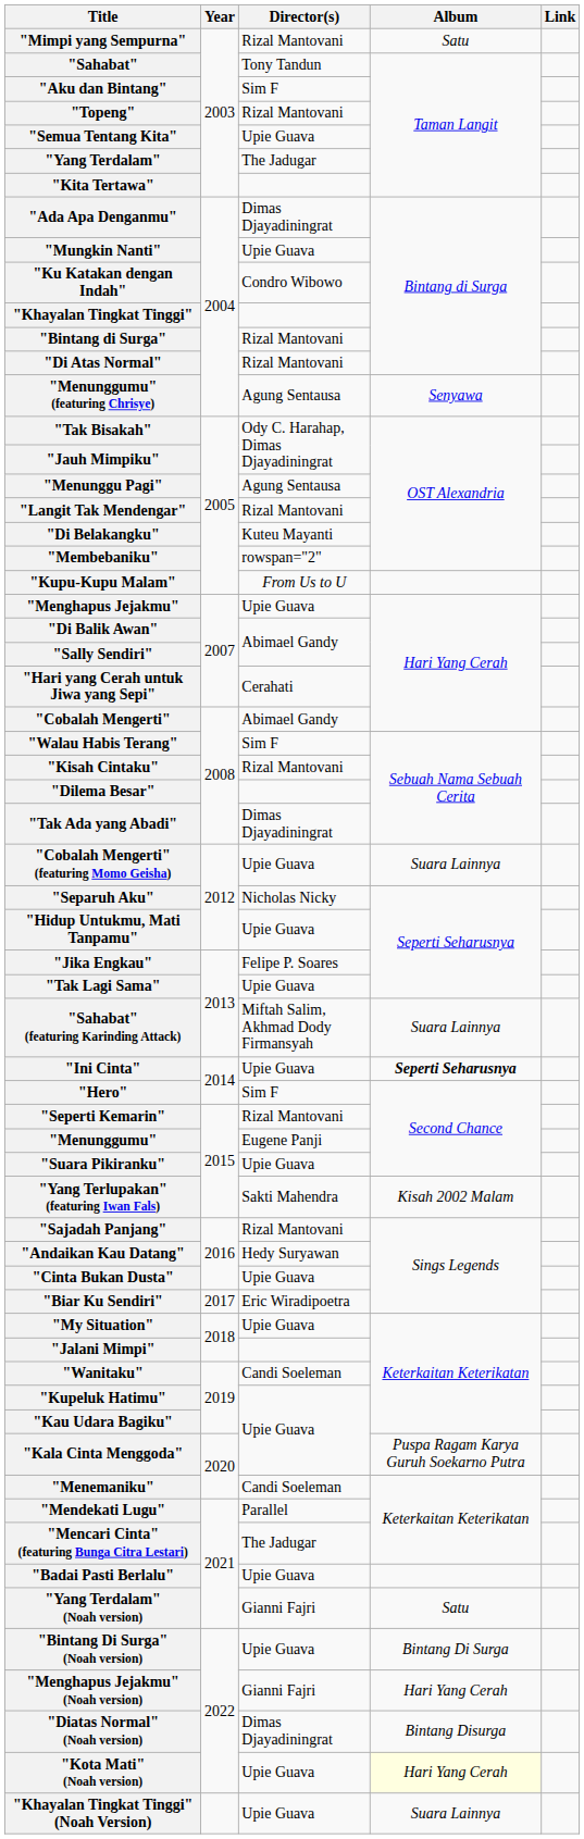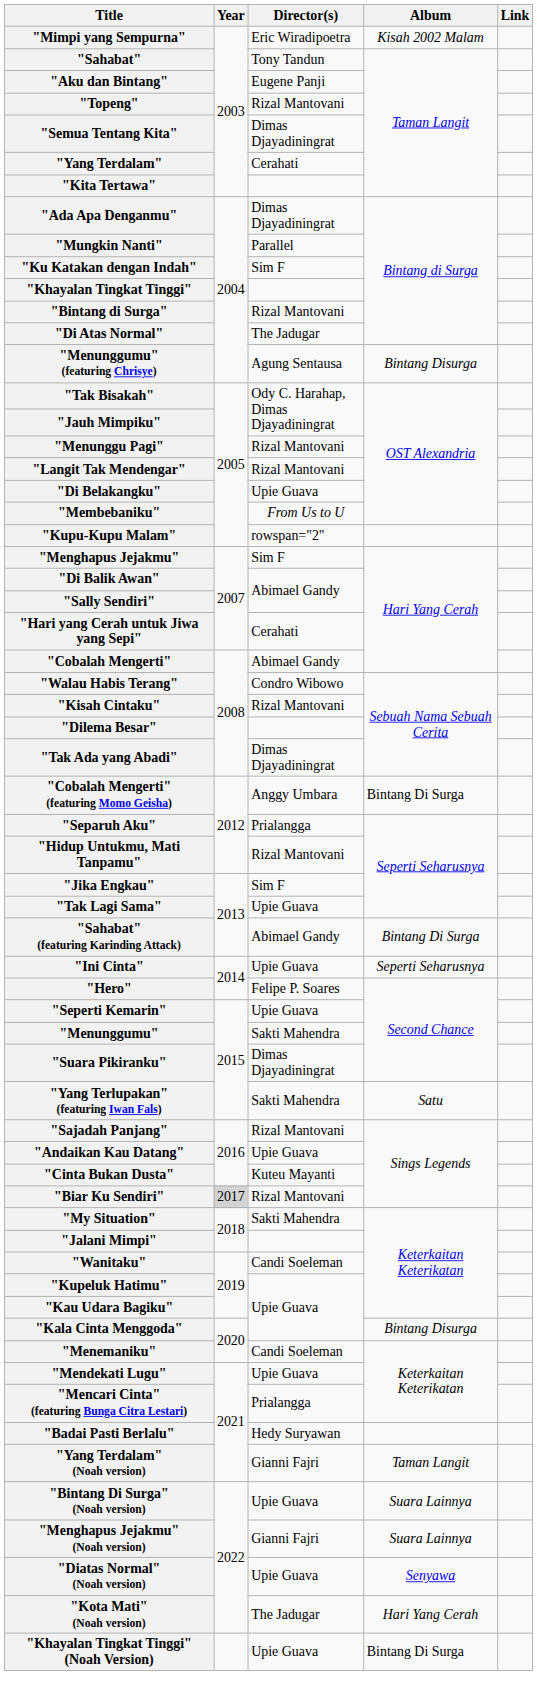 <table class="wikitable plainrowheaders">
 <tr>
 <th scope="col">Title</th>
 <th scope="col">Year</th>
 <th scope="col">Director(s)</th>
 <th scope="col">Album</th>
 <th scope="col">Link</th>
 </tr>
 <tr>
 <th scope="row">"Mimpi yang Sempurna"</th>
 <td rowspan="7">2003</td>
-<td>Rizal Mantovani</td>
-<td align="center"><em>Satu</em></td>
+<td>Eric Wiradipoetra</td>
+<td align="center"><em>Kisah 2002 Malam</em></td>
 <td></td>
 </tr>
 <tr>
 <th scope="row">"Sahabat"</th>
 <td>Tony Tandun</td>
 <td align="center" rowspan="6"><em><a href='#'>Taman Langit</a></em></td>
 <td></td>
 </tr>
 <tr>
 <th scope="row">"Aku dan Bintang"</th>
-<td>Sim F</td>
+<td>Eugene Panji</td>
 <td></td>
 </tr>
 <tr>
 <th scope="row">"Topeng"</th>
 <td>Rizal Mantovani</td>
 <td></td>
 </tr>
 <tr>
 <th scope="row">"Semua Tentang Kita"</th>
-<td>Upie Guava</td>
+<td>Dimas Djayadiningrat</td>
 <td></td>
 </tr>
 <tr>
 <th scope="row">"Yang Terdalam"</th>
-<td>The Jadugar</td>
+<td>Cerahati</td>
 <td></td>
 </tr>
 <tr>
 <th scope="row">"Kita Tertawa"</th>
 <td></td>
 <td></td>
 </tr>
 <tr>
 <th scope="row">"Ada Apa Denganmu"</th>
 <td rowspan="7">2004</td>
 <td>Dimas Djayadiningrat</td>
 <td rowspan="6" align="center"><em><a href='#'>Bintang di Surga</a></em></td>
 <td></td>
 </tr>
 <tr>
 <th scope="row">"Mungkin Nanti"</th>
-<td>Upie Guava</td>
+<td>Parallel</td>
 <td></td>
 </tr>
 <tr>
 <th scope="row">"Ku Katakan dengan Indah"</th>
-<td>Condro Wibowo</td>
+<td>Sim F</td>
 <td></td>
 </tr>
 <tr>
 <th scope="row">"Khayalan Tingkat Tinggi"</th>
 <td></td>
 <td></td>
 </tr>
 <tr>
 <th scope="row">"Bintang di Surga"</th>
 <td>Rizal Mantovani</td>
 <td></td>
 </tr>
 <tr>
 <th scope="row">"Di Atas Normal"</th>
-<td>Rizal Mantovani</td>
+<td>The Jadugar</td>
 <td></td>
 </tr>
 <tr>
 <th scope="row">"Menunggumu"<br><small>(featuring <a href='#'>Chrisye</a>)</small></th>
 <td>Agung Sentausa</td>
-<td align="center"><em><a href='#'>Senyawa</a></em></td>
+<td align="center"><em>Bintang Disurga</em></td>
 <td></td>
 </tr>
 <tr>
 <th scope="row">"Tak Bisakah"</th>
 <td rowspan="7">2005</td>
 <td rowspan="2">Ody C. Harahap,<br>Dimas Djayadiningrat</td>
 <td rowspan="6" align="center"><em><a href='#'>OST Alexandria</a></em></td>
 <td></td>
 </tr>
 <tr>
 <th scope="row">"Jauh Mimpiku"</th>
 <td></td>
 </tr>
 <tr>
 <th scope="row">"Menunggu Pagi"</th>
-<td>Agung Sentausa</td>
+<td>Rizal Mantovani</td>
 <td></td>
 </tr>
 <tr>
 <th scope="row">"Langit Tak Mendengar"</th>
 <td>Rizal Mantovani</td>
 <td></td>
 </tr>
 <tr>
 <th scope="row">"Di Belakangku"</th>
-<td>Kuteu Mayanti</td>
+<td>Upie Guava</td>
 <td></td>
 </tr>
 <tr>
 <th scope="row">"Membebaniku"</th>
-<td>rowspan="2" </td>
+<td align="center"><em>From Us to U</em></td>
 <td></td>
 </tr>
 <tr>
 <th scope="row">"Kupu-Kupu Malam"</th>
-<td align="center"><em>From Us to U</em></td>
+<td>rowspan="2" </td>
 <td></td>
 </tr>
 <tr>
 <th scope="row">"Menghapus Jejakmu"</th>
 <td rowspan= "4">2007</td>
-<td>Upie Guava</td>
+<td>Sim F</td>
 <td align="center" rowspan= "5"><em><a href='#'>Hari Yang Cerah</a></em></td>
 <td></td>
 </tr>
 <tr>
 <th scope="row">"Di Balik Awan"</th>
 <td rowspan= "2">Abimael Gandy</td>
 <td></td>
 </tr>
 <tr>
 <th scope="row">"Sally Sendiri"</th>
 <td></td>
 </tr>
 <tr>
 <th scope="row">"Hari yang Cerah untuk Jiwa yang Sepi"</th>
 <td>Cerahati</td>
 <td></td>
 </tr>
 <tr>
 <th scope="row">"Cobalah Mengerti"</th>
 <td rowspan="5">2008</td>
 <td>Abimael Gandy</td>
 <td></td>
 </tr>
 <tr>
 <th scope="row">"Walau Habis Terang"</th>
-<td>Sim F</td>
+<td>Condro Wibowo</td>
 <td align="center" rowspan="4"><em><a href='#'>Sebuah Nama Sebuah Cerita</a></em></td>
 <td></td>
 </tr>
 <tr>
 <th scope="row">"Kisah Cintaku"</th>
 <td>Rizal Mantovani</td>
 <td></td>
 </tr>
 <tr>
 <th scope="row">"Dilema Besar"</th>
 <td></td>
 <td></td>
 </tr>
 <tr>
 <th scope="row">"Tak Ada yang Abadi"</th>
 <td>Dimas Djayadiningrat</td>
 <td></td>
 </tr>
 <tr>
 <th scope="row">"Cobalah Mengerti"<br><small>(featuring <a href='#'>Momo Geisha</a>)</small></th>
 <td rowspan="3">2012</td>
-<td>Upie Guava</td>
-<td align="center"><em>Suara Lainnya</em></td>
+<td>Anggy Umbara</td>
+<td>Bintang Di Surga</td>
 <td></td>
 </tr>
 <tr>
 <th scope="row">"Separuh Aku"</th>
-<td>Nicholas Nicky</td>
+<td>Prialangga</td>
 <td align="center" rowspan="4"><em><a href='#'>Seperti Seharusnya</a></em></td>
 <td></td>
 </tr>
 <tr>
 <th scope="row">"Hidup Untukmu, Mati Tanpamu"</th>
-<td>Upie Guava</td>
+<td>Rizal Mantovani</td>
 <td></td>
 </tr>
 <tr>
 <th scope="row">"Jika Engkau"</th>
 <td rowspan="3">2013</td>
-<td>Felipe P. Soares</td>
+<td>Sim F</td>
 <td></td>
 </tr>
 <tr>
 <th scope="row">"Tak Lagi Sama"</th>
 <td>Upie Guava</td>
 <td></td>
 </tr>
 <tr>
 <th scope="row">"Sahabat"<br><small>(featuring Karinding Attack)</small></th>
-<td>Miftah Salim,<br>Akhmad Dody Firmansyah</td>
-<td align="center"><em>Suara Lainnya</em></td>
+<td>Abimael Gandy</td>
+<td align="center"><em>Bintang Di Surga</em></td>
 <td></td>
 </tr>
 <tr>
 <th scope="row">"Ini Cinta"</th>
 <td rowspan="2">2014</td>
 <td>Upie Guava</td>
-<td align="center"><strong><em>Seperti Seharusnya</em></strong></td>
+<td align="center"><em>Seperti Seharusnya</em></td>
 <td></td>
 </tr>
 <tr>
 <th scope="row">"Hero"</th>
-<td>Sim F</td>
+<td>Felipe P. Soares</td>
 <td align="center" rowspan="4"><em><a href='#'>Second Chance</a></em></td>
 <td></td>
 </tr>
 <tr>
 <th scope="row">"Seperti Kemarin"</th>
 <td rowspan="4">2015</td>
-<td>Rizal Mantovani</td>
+<td>Upie Guava</td>
 <td></td>
 </tr>
 <tr>
 <th scope="row">"Menunggumu"</th>
-<td>Eugene Panji</td>
+<td>Sakti Mahendra</td>
 <td></td>
 </tr>
 <tr>
 <th scope="row">"Suara Pikiranku"</th>
-<td>Upie Guava</td>
+<td>Dimas Djayadiningrat</td>
 <td></td>
 </tr>
 <tr>
 <th scope="row">"Yang Terlupakan"<br><small>(featuring <a href='#'>Iwan Fals</a>)</small></th>
 <td>Sakti Mahendra</td>
-<td align="center"><em>Kisah 2002 Malam</em></td>
+<td align="center"><em>Satu</em></td>
 <td></td>
 </tr>
 <tr>
 <th scope="row">"Sajadah Panjang"</th>
 <td rowspan= "3">2016</td>
 <td>Rizal Mantovani</td>
 <td align="center" rowspan="4"><em>Sings Legends</em></td>
 <td></td>
 </tr>
 <tr>
 <th scope="row">"Andaikan Kau Datang"</th>
-<td>Hedy Suryawan</td>
+<td>Upie Guava</td>
 <td></td>
 </tr>
 <tr>
 <th scope="row">"Cinta Bukan Dusta"</th>
-<td>Upie Guava</td>
+<td>Kuteu Mayanti</td>
 <td></td>
 </tr>
 <tr>
 <th scope="row">"Biar Ku Sendiri"</th>
-<td>2017</td>
-<td>Eric Wiradipoetra</td>
+<td style="background: lightgrey;">2017</td>
+<td>Rizal Mantovani</td>
 <td></td>
 </tr>
 <tr>
 <th scope="row">"My Situation"</th>
 <td rowspan="2">2018</td>
-<td>Upie Guava</td>
+<td>Sakti Mahendra</td>
 <td align="center" rowspan="5"><em><a href='#'>Keterkaitan Keterikatan</a></em></td>
 <td></td>
 </tr>
 <tr>
 <th scope="row">"Jalani Mimpi"</th>
 <td></td>
 <td></td>
 </tr>
 <tr>
 <th scope="row">"Wanitaku"</th>
 <td rowspan="3">2019</td>
 <td>Candi Soeleman</td>
 <td></td>
 </tr>
 <tr>
 <th scope="row">"Kupeluk Hatimu"</th>
 <td rowspan="3">Upie Guava</td>
 <td></td>
 </tr>
 <tr>
 <th scope="row">"Kau Udara Bagiku"</th>
 <td></td>
 </tr>
 <tr>
 <th scope="row">"Kala Cinta Menggoda"</th>
 <td rowspan="2">2020</td>
-<td align="center"><em>Puspa Ragam Karya Guruh Soekarno Putra</em></td>
+<td align="center"><em>Bintang Disurga</em></td>
 <td></td>
 </tr>
 <tr>
 <th scope="row">"Menemaniku"</th>
 <td>Candi Soeleman</td>
 <td align="center" rowspan="3"><em>Keterkaitan Keterikatan</em></td>
 <td></td>
 </tr>
 <tr>
 <th scope="row">"Mendekati Lugu"</th>
 <td rowspan="4">2021</td>
-<td>Parallel</td>
+<td>Upie Guava</td>
 <td></td>
 </tr>
 <tr>
 <th scope="row">"Mencari Cinta"<br><small>(featuring <a href='#'>Bunga Citra Lestari</a>)</small></th>
-<td>The Jadugar</td>
+<td>Prialangga</td>
 <td></td>
 </tr>
 <tr>
 <th scope="row">"Badai Pasti Berlalu"</th>
-<td>Upie Guava</td>
+<td>Hedy Suryawan</td>
 <td></td>
 <td></td>
 </tr>
 <tr>
 <th scope="row">"Yang Terdalam"<br><small>(Noah version)</small></th>
 <td>Gianni Fajri</td>
-<td align="center"><em>Satu</em></td>
+<td align="center"><em>Taman Langit</em></td>
 <td></td>
 </tr>
 <tr>
 <th scope="row">"Bintang Di Surga"<br><small>(Noah version)</small></th>
 <td rowspan="4">2022</td>
 <td>Upie Guava</td>
-<td align="center"><em>Bintang Di Surga</em></td>
+<td align="center"><em>Suara Lainnya</em></td>
 <td></td>
 </tr>
 <tr>
 <th scope="row">"Menghapus Jejakmu"<br><small>(Noah version)</small></th>
 <td>Gianni Fajri</td>
-<td align="center"><em>Hari Yang Cerah</em></td>
+<td align="center"><em>Suara Lainnya</em></td>
 <td></td>
 </tr>
 <tr>
 <th scope="row">"Diatas Normal"<br><small>(Noah version)</small></th>
-<td>Dimas Djayadiningrat</td>
-<td align="center"><em>Bintang Disurga</em></td>
+<td>Upie Guava</td>
+<td align="center"><em><a href='#'>Senyawa</a></em></td>
 <td></td>
 </tr>
 <tr>
 <th scope="row">"Kota Mati"<br><small>(Noah version)</small></th>
-<td>Upie Guava</td>
-<td align="center" style="background: lightyellow;"><em>Hari Yang Cerah</em></td>
+<td>The Jadugar</td>
+<td align="center"><em>Hari Yang Cerah</em></td>
 <td></td>
 </tr>
 <tr>
 <th>"<strong>Khayalan Tingkat Tinggi" (Noah Version)</strong></th>
 <td></td>
 <td>Upie Guava</td>
-<td align="center"><em>Suara Lainnya</em></td>
+<td>Bintang Di Surga</td>
 <td></td>
 </tr>
 </table>
